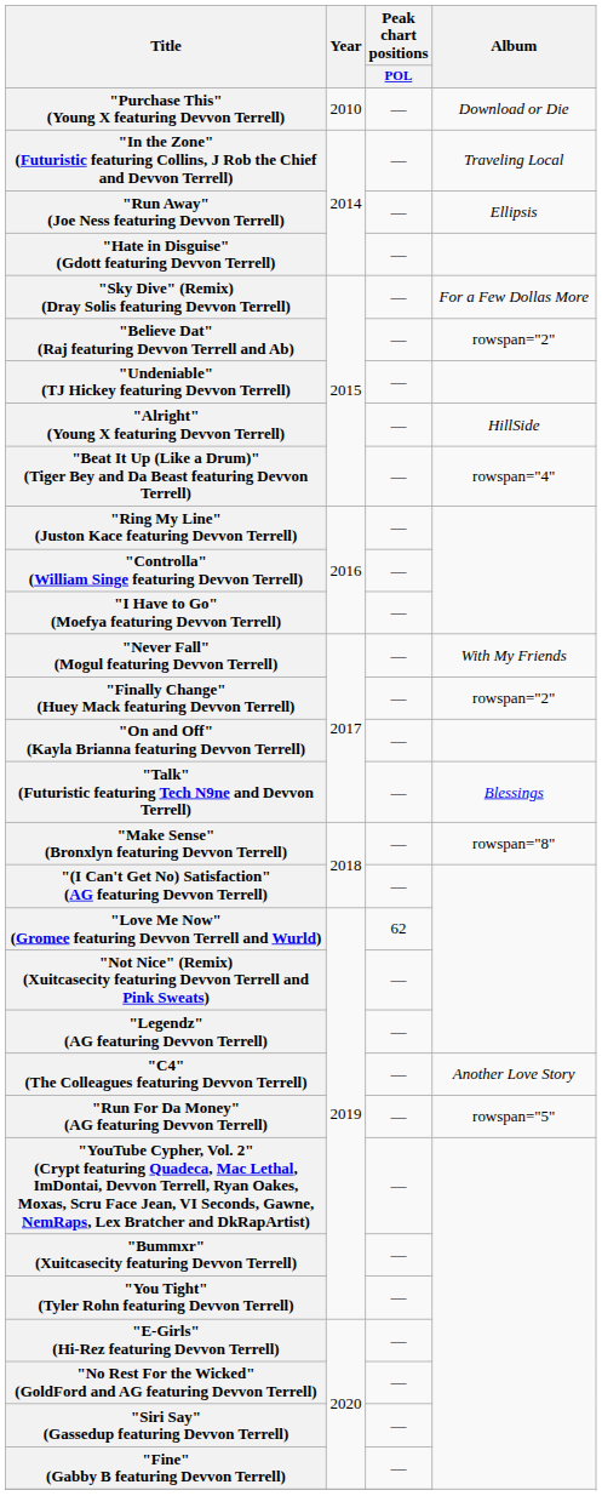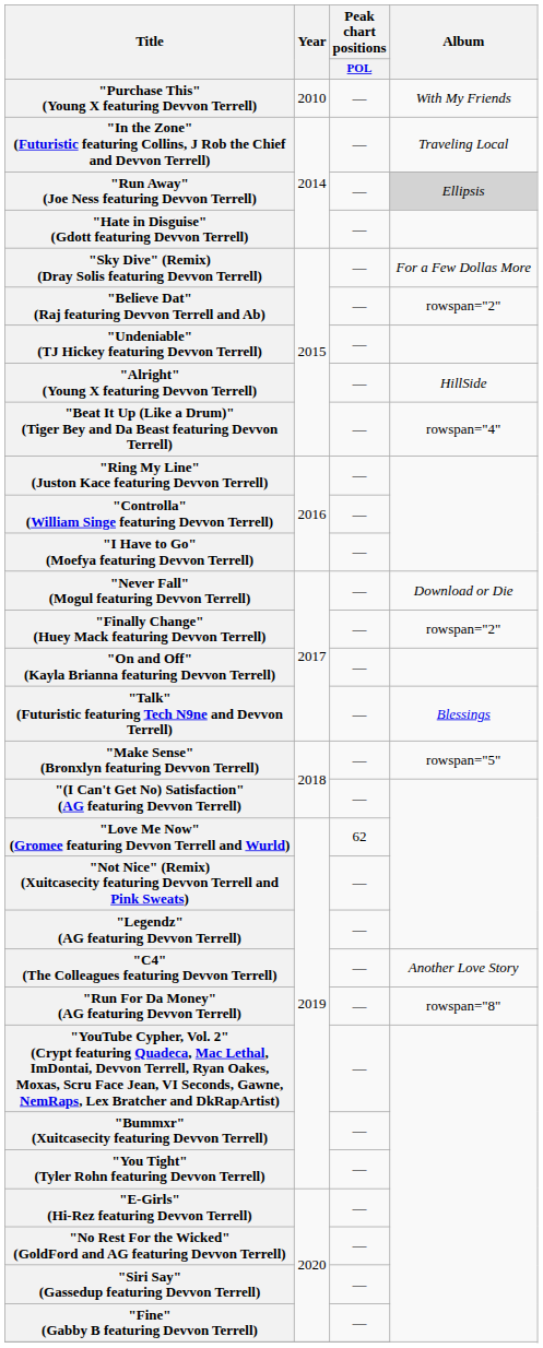 <table class="wikitable plainrowheaders" style="text-align:center;">
 <tr>
 <th scope="col" rowspan="2" style="width:20em;">Title</th>
 <th scope="col" rowspan="2" style="width:1em;">Year</th>
 <th scope="col" colspan="1">Peak chart positions</th>
 <th scope="col" rowspan="2" style="width:10em;">Album</th>
 </tr>
 <tr>
 <th scope="col" style="width:3em;font-size:85%;"><a href='#'>POL</a><br></th>
 </tr>
 <tr>
 <th scope="row">"Purchase This"<br><span>(Young X featuring Devvon Terrell)</span></th>
 <td>2010</td>
 <td>—</td>
-<td><em>Download or Die</em></td>
+<td><em>With My Friends</em></td>
 </tr>
 <tr>
 <th scope="row">"In the Zone"<br><span>(<a href='#'>Futuristic</a> featuring Collins, J Rob the Chief and Devvon Terrell)</span></th>
 <td rowspan="3">2014</td>
 <td>—</td>
 <td><em>Traveling Local</em></td>
 </tr>
 <tr>
 <th scope="row">"Run Away"<br><span>(Joe Ness featuring Devvon Terrell)</span></th>
 <td>—</td>
-<td><em>Ellipsis</em></td>
+<td style="background: lightgrey;"><em>Ellipsis</em></td>
 </tr>
 <tr>
 <th scope="row">"Hate in Disguise"<br><span>(Gdott featuring Devvon Terrell)</span></th>
 <td>—</td>
 <td></td>
 </tr>
 <tr>
 <th scope="row">"Sky Dive" (Remix)<br><span>(Dray Solis featuring Devvon Terrell)</span></th>
 <td rowspan="5">2015</td>
 <td>—</td>
 <td><em>For a Few Dollas More</em></td>
 </tr>
 <tr>
 <th scope="row">"Believe Dat"<br><span>(Raj featuring Devvon Terrell and Ab)</span></th>
 <td>—</td>
 <td>rowspan="2" </td>
 </tr>
 <tr>
 <th scope="row">"Undeniable"<br><span>(TJ Hickey featuring Devvon Terrell)</span></th>
 <td>—</td>
 </tr>
 <tr>
 <th scope="row">"Alright"<br><span>(Young X featuring Devvon Terrell)</span></th>
 <td>—</td>
 <td><em>HillSide</em></td>
 </tr>
 <tr>
 <th scope="row">"Beat It Up (Like a Drum)"<br><span>(Tiger Bey and Da Beast featuring Devvon Terrell)</span></th>
 <td>—</td>
 <td>rowspan="4" </td>
 </tr>
 <tr>
 <th scope="row">"Ring My Line"<br><span>(Juston Kace featuring Devvon Terrell)</span></th>
 <td rowspan="3">2016</td>
 <td>—</td>
 </tr>
 <tr>
 <th scope="row">"Controlla"<br><span>(<a href='#'>William Singe</a> featuring Devvon Terrell)</span></th>
 <td>—</td>
 </tr>
 <tr>
 <th scope="row">"I Have to Go"<br><span>(Moefya featuring Devvon Terrell)</span></th>
 <td>—</td>
 </tr>
 <tr>
 <th scope="row">"Never Fall"<br><span>(Mogul featuring Devvon Terrell)</span></th>
 <td rowspan="4">2017</td>
 <td>—</td>
-<td><em>With My Friends</em></td>
+<td><em>Download or Die</em></td>
 </tr>
 <tr>
 <th scope="row">"Finally Change"<br><span>(Huey Mack featuring Devvon Terrell)</span></th>
 <td>—</td>
 <td>rowspan="2" </td>
 </tr>
 <tr>
 <th scope="row">"On and Off"<br><span>(Kayla Brianna featuring Devvon Terrell)</span></th>
 <td>—</td>
 </tr>
 <tr>
 <th scope="row">"Talk"<br><span>(Futuristic featuring <a href='#'>Tech N9ne</a> and Devvon Terrell)</span></th>
 <td>—</td>
 <td><em><a href='#'>Blessings</a></em></td>
 </tr>
 <tr>
 <th scope="row">"Make Sense"<br><span>(Bronxlyn featuring Devvon Terrell)</span></th>
 <td rowspan="2">2018</td>
 <td>—</td>
-<td>rowspan="8" </td>
+<td>rowspan="5" </td>
 </tr>
 <tr>
 <th scope="row">"(I Can't Get No) Satisfaction"<br><span>(<a href='#'>AG</a> featuring Devvon Terrell)</span></th>
 <td>—</td>
 </tr>
 <tr>
 <th scope="row">"Love Me Now"<br><span>(<a href='#'>Gromee</a> featuring Devvon Terrell and <a href='#'>Wurld</a>)</span></th>
 <td rowspan="8">2019</td>
 <td>62</td>
 </tr>
 <tr>
 <th scope="row">"Not Nice" (Remix)<br><span>(Xuitcasecity featuring Devvon Terrell and <a href='#'>Pink Sweats</a>)</span></th>
 <td>—</td>
 </tr>
 <tr>
 <th scope="row">"Legendz"<br><span>(AG featuring Devvon Terrell)</span></th>
 <td>—</td>
 </tr>
 <tr>
 <th scope="row">"C4"<br><span>(The Colleagues featuring Devvon Terrell)</span></th>
 <td>—</td>
 <td><em>Another Love Story</em></td>
 </tr>
 <tr>
 <th scope="row">"Run For Da Money"<br><span>(AG featuring Devvon Terrell)</span></th>
 <td>—</td>
-<td>rowspan="5" </td>
+<td>rowspan="8" </td>
 </tr>
 <tr>
 <th scope="row">"YouTube Cypher, Vol. 2"<br><span>(Crypt featuring <a href='#'>Quadeca</a>, <a href='#'>Mac Lethal</a>, ImDontai, Devvon Terrell, Ryan Oakes,<br>Moxas, Scru Face Jean, VI Seconds, Gawne, <a href='#'>NemRaps</a>, Lex Bratcher and DkRapArtist)</span></th>
 <td>—</td>
 </tr>
 <tr>
 <th scope="row">"Bummxr"<br><span>(Xuitcasecity featuring Devvon Terrell)</span></th>
 <td>—</td>
 </tr>
 <tr>
 <th scope="row">"You Tight"<br><span>(Tyler Rohn featuring Devvon Terrell)</span></th>
 <td>—</td>
 </tr>
 <tr>
 <th scope="row">"E-Girls"<br><span>(Hi-Rez featuring Devvon Terrell)</span></th>
 <td rowspan="4">2020</td>
 <td>—</td>
 </tr>
 <tr>
 <th scope="row">"No Rest For the Wicked"<br><span>(GoldFord and AG featuring Devvon Terrell)</span></th>
 <td>—</td>
 </tr>
 <tr>
 <th scope="row">"Siri Say"<br><span>(Gassedup featuring Devvon Terrell)</span></th>
 <td>—</td>
 </tr>
 <tr>
 <th scope="row">"Fine"<br><span>(Gabby B featuring Devvon Terrell)</span></th>
 <td>—</td>
 </tr>
 <tr>
 </tr>
 </table>
